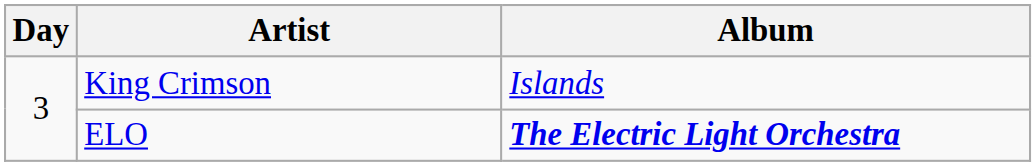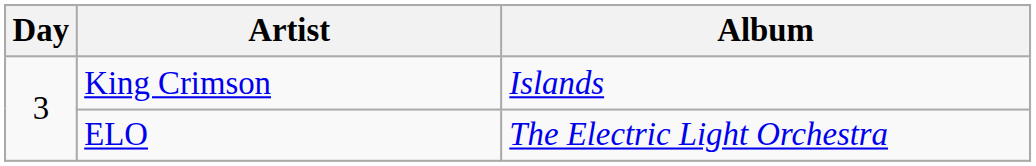 <table class="wikitable" border="1">
 <tr>
 <th>Day</th>
 <th width="200">Artist</th>
 <th width="250">Album</th>
 </tr>
 <tr>
 <td rowspan="2" style="text-align:center;">3</td>
 <td><a href='#'>King Crimson</a></td>
 <td><em><a href='#'>Islands</a></em></td>
 </tr>
 <tr>
 <td><a href='#'>ELO</a></td>
-<td><strong><em><a href='#'>The Electric Light Orchestra</a></em></strong></td>
+<td><em><a href='#'>The Electric Light Orchestra</a></em></td>
 </tr>
 </table>
